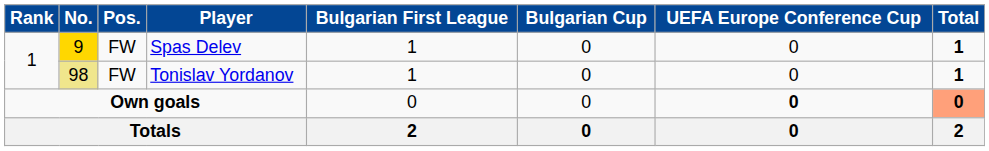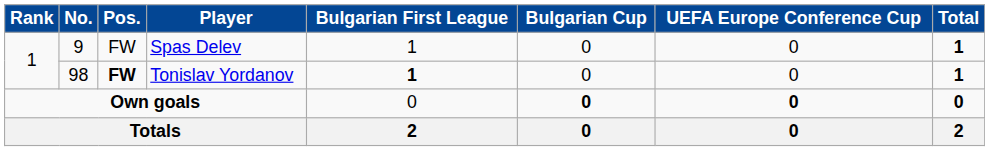 <table class="wikitable sortable" style="text-align:center;width:100%;">
 <tr>
 <th style=background-color:#034694;color:#FFFFFF>Rank</th>
 <th style=background-color:#034694;color:#FFFFFF>No.</th>
 <th style=background-color:#034694;color:#FFFFFF>Pos.</th>
 <th style=background-color:#034694;color:#FFFFFF>Player</th>
 <th style=background-color:#034694;color:#FFFFFF>Bulgarian First League</th>
 <th style=background-color:#034694;color:#FFFFFF>Bulgarian Cup</th>
 <th style=background-color:#034694;color:#FFFFFF>UEFA Europe Conference Cup</th>
 <th style=background-color:#034694;color:#FFFFFF>Total</th>
 </tr>
 <tr>
 <td rowspan="2">1</td>
-<td style="background: gold;">9</td>
+<td>9</td>
 <td>FW</td>
 <td align=left> <a href='#'>Spas Delev</a></td>
 <td>1</td>
 <td>0</td>
 <td>0</td>
 <td><strong>1</strong></td>
 </tr>
 <tr>
-<td style="background: khaki;">98</td>
-<td>FW</td>
+<td>98</td>
+<td><strong>FW</strong></td>
 <td align=left> <a href='#'>Tonislav Yordanov</a></td>
-<td>1</td>
+<td><strong>1</strong></td>
 <td>0</td>
 <td>0</td>
 <td><strong>1</strong><br></td>
 </tr>
 <tr>
 <td colspan="4"><strong>Own goals</strong></td>
 <td>0</td>
-<td>0</td>
 <td><strong>0</strong></td>
-<td style="background: lightsalmon;"><strong>0</strong></td>
+<td><strong>0</strong></td>
+<td><strong>0</strong></td>
 </tr>
 <tr>
 <th colspan=4><strong>Totals</strong></th>
 <th><strong>2</strong></th>
 <th><strong>0</strong></th>
 <th><strong>0</strong></th>
 <th><strong>2</strong></th>
 </tr>
 </table>
